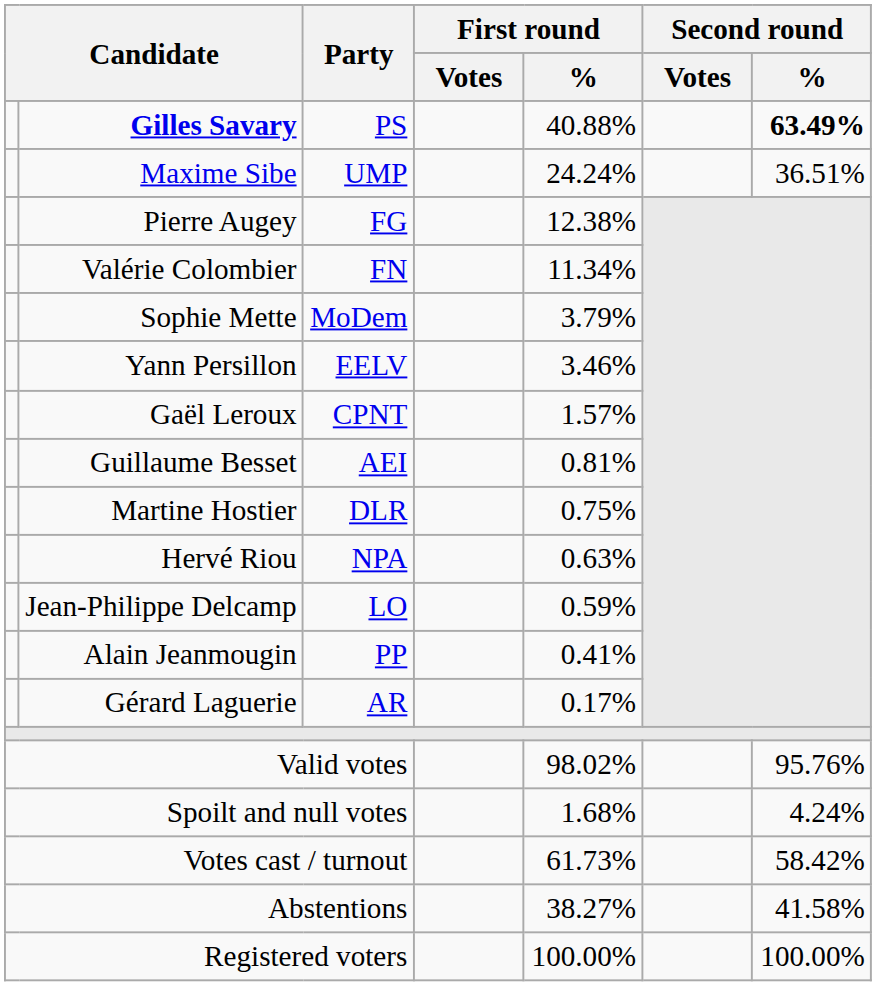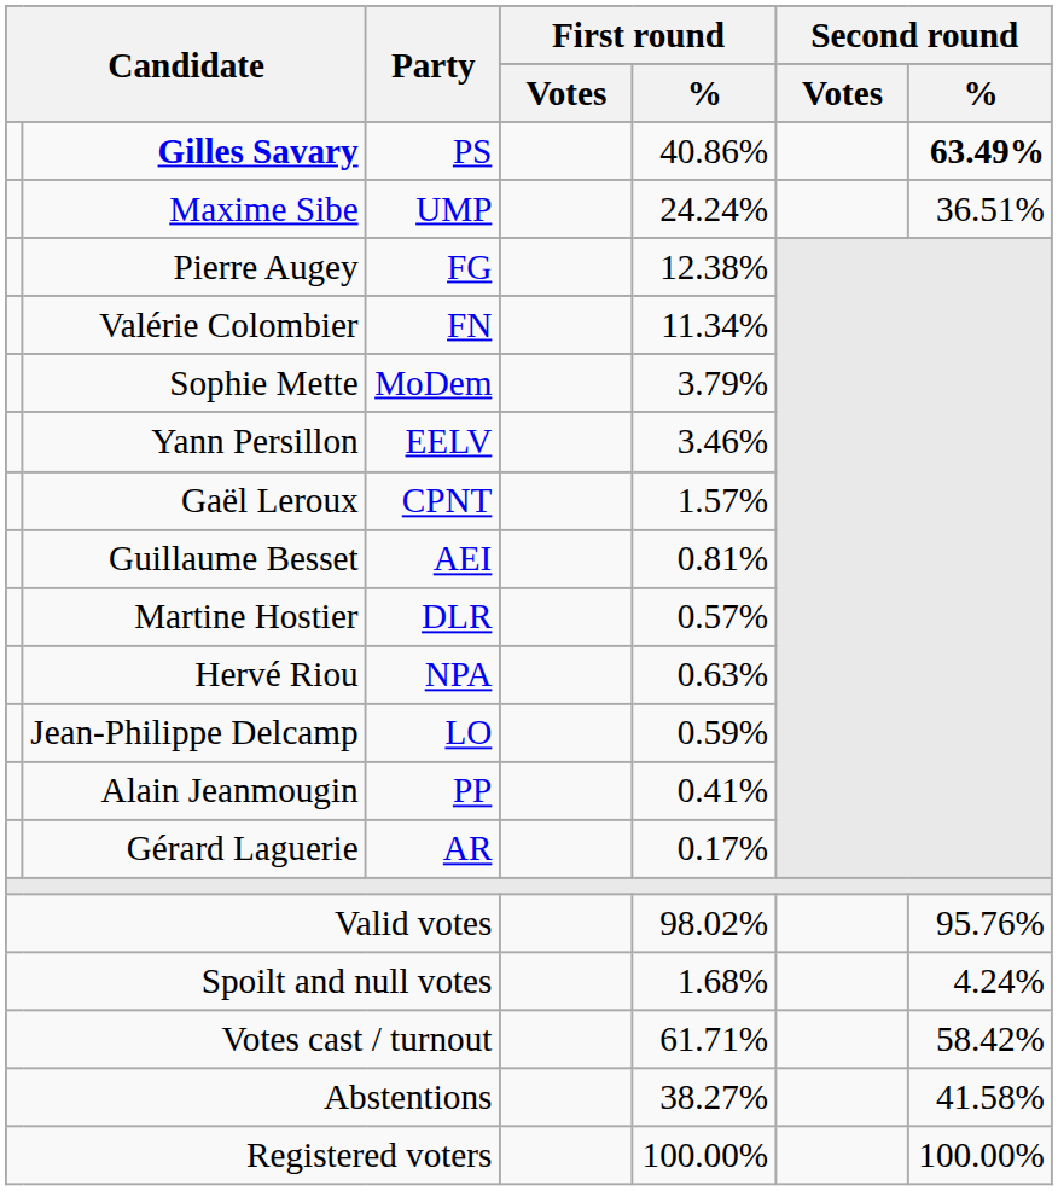 <table class="wikitable" style="text-align:right;font-size:95%;">
 <tr>
 <th rowspan=2 colspan=2>Candidate</th>
 <th rowspan=2 colspan=1>Party</th>
 <th colspan=2>First round</th>
 <th colspan=2>Second round</th>
 </tr>
 <tr>
 <th style="width:50px;">Votes</th>
 <th style="width:55px;">%</th>
 <th style="width:50px;">Votes</th>
 <th style="width:55px;">%</th>
 </tr>
 <tr>
 <td style="color:inherit;background-color:"></td>
 <td><strong><a href='#'>Gilles Savary</a></strong></td>
 <td><a href='#'>PS</a></td>
 <td></td>
-<td>40.88%</td>
+<td>40.86%</td>
 <td><strong></strong></td>
 <td><strong>63.49%</strong></td>
 </tr>
 <tr>
 <td style="color:inherit;background-color:"></td>
 <td><a href='#'>Maxime Sibe</a></td>
 <td><a href='#'>UMP</a></td>
 <td></td>
 <td>24.24%</td>
 <td></td>
 <td>36.51%</td>
 </tr>
 <tr>
 <td style="color:inherit;background-color:"></td>
 <td>Pierre Augey</td>
 <td><a href='#'>FG</a></td>
 <td></td>
 <td>12.38%</td>
 <td colspan=7 rowspan=11 style="background-color:#E9E9E9;"></td>
 </tr>
 <tr>
 <td style="color:inherit;background-color:"></td>
 <td>Valérie Colombier</td>
 <td><a href='#'>FN</a></td>
 <td></td>
 <td>11.34%</td>
 </tr>
 <tr>
 <td style="color:inherit;background-color:"></td>
 <td>Sophie Mette</td>
 <td><a href='#'>MoDem</a></td>
 <td></td>
 <td>3.79%</td>
 </tr>
 <tr>
 <td style="color:inherit;background-color:"></td>
 <td>Yann Persillon</td>
 <td><a href='#'>EELV</a></td>
 <td></td>
 <td>3.46%</td>
 </tr>
 <tr>
 <td style="color:inherit;background-color:"></td>
 <td>Gaël Leroux</td>
 <td><a href='#'>CPNT</a></td>
 <td></td>
 <td>1.57%</td>
 </tr>
 <tr>
 <td style="color:inherit;background-color:"></td>
 <td>Guillaume Besset</td>
 <td><a href='#'>AEI</a></td>
 <td></td>
 <td>0.81%</td>
 </tr>
 <tr>
 <td style="color:inherit;background-color:"></td>
 <td>Martine Hostier</td>
 <td><a href='#'>DLR</a></td>
 <td></td>
-<td>0.75%</td>
+<td>0.57%</td>
 </tr>
 <tr>
 <td style="color:inherit;background-color:"></td>
 <td>Hervé Riou</td>
 <td><a href='#'>NPA</a></td>
 <td></td>
 <td>0.63%</td>
 </tr>
 <tr>
 <td style="color:inherit;background-color:"></td>
 <td>Jean-Philippe Delcamp</td>
 <td><a href='#'>LO</a></td>
 <td></td>
 <td>0.59%</td>
 </tr>
 <tr>
 <td style="color:inherit;background-color:"></td>
 <td>Alain Jeanmougin</td>
 <td><a href='#'>PP</a></td>
 <td></td>
 <td>0.41%</td>
 </tr>
 <tr>
 <td style="color:inherit;background-color:"></td>
 <td>Gérard Laguerie</td>
 <td><a href='#'>AR</a></td>
 <td></td>
 <td>0.17%</td>
 </tr>
 <tr>
 <td colspan=7 style="background-color:#E9E9E9;"></td>
 </tr>
 <tr>
 <td colspan=3>Valid votes</td>
 <td></td>
 <td>98.02%</td>
 <td></td>
 <td>95.76%</td>
 </tr>
 <tr>
 <td colspan=3>Spoilt and null votes</td>
 <td></td>
 <td>1.68%</td>
 <td></td>
 <td>4.24%</td>
 </tr>
 <tr>
 <td colspan=3>Votes cast / turnout</td>
 <td></td>
-<td>61.73%</td>
+<td>61.71%</td>
 <td></td>
 <td>58.42%</td>
 </tr>
 <tr>
 <td colspan=3>Abstentions</td>
 <td></td>
 <td>38.27%</td>
 <td></td>
 <td>41.58%</td>
 </tr>
 <tr>
 <td colspan=3>Registered voters</td>
 <td></td>
 <td>100.00%</td>
 <td></td>
 <td>100.00%</td>
 </tr>
 </table>
